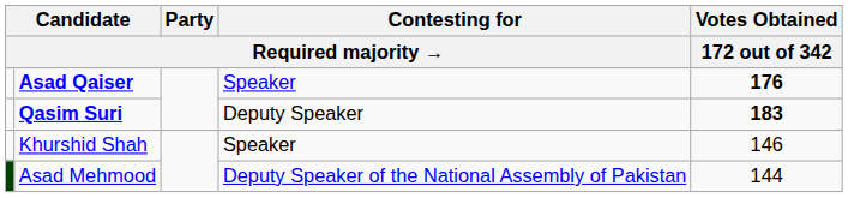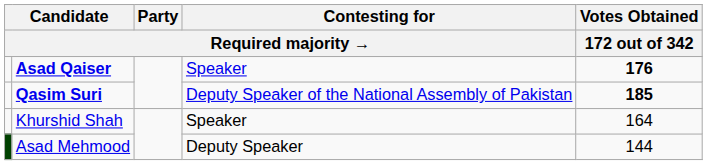 <table class="wikitable">
 <tr>
 <th colspan=2>Candidate</th>
 <th>Party</th>
 <th>Contesting for</th>
 <th>Votes Obtained</th>
 </tr>
 <tr>
 <th colspan=4>Required majority →</th>
 <th>172 out of 342</th>
 </tr>
 <tr>
 <td style="color:inherit;background:"></td>
 <td><strong><a href='#'>Asad Qaiser</a></strong></td>
 <td rowspan=2></td>
 <td><a href='#'>Speaker</a></td>
 <td style="text-align:center;"><strong>176</strong> </td>
 </tr>
 <tr>
 <td style="color:inherit;background:"></td>
 <td><strong><a href='#'>Qasim Suri</a></strong></td>
-<td>Deputy Speaker</td>
-<td style="text-align:center;"><strong>183</strong> </td>
+<td><a href='#'>Deputy Speaker of the National Assembly of Pakistan</a></td>
+<td style="text-align:center;"><strong>185</strong> </td>
 </tr>
 <tr>
 <td style="color:inherit;background:"></td>
 <td><a href='#'>Khurshid Shah</a></td>
 <td rowspan=2><br></td>
 <td>Speaker</td>
-<td style="text-align:center;">146 </td>
+<td style="text-align:center;">164 </td>
 </tr>
 <tr>
 <td bgcolor=#004000></td>
 <td><a href='#'>Asad Mehmood</a></td>
-<td><a href='#'>Deputy Speaker of the National Assembly of Pakistan</a></td>
+<td>Deputy Speaker</td>
 <td style="text-align:center;">144 </td>
 </tr>
 </table>
